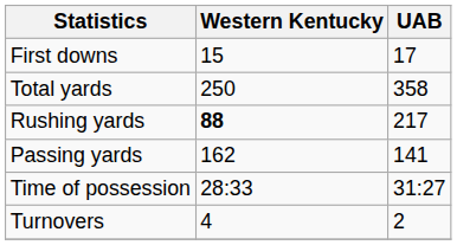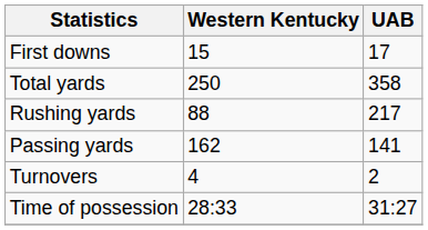 <table class="wikitable">
 <tr>
 <th>Statistics</th>
 <th>Western Kentucky</th>
 <th>UAB</th>
 </tr>
 <tr>
 <td>First downs</td>
 <td>15</td>
 <td>17</td>
 </tr>
 <tr>
 <td>Total yards</td>
 <td>250</td>
 <td>358</td>
 </tr>
 <tr>
 <td>Rushing yards</td>
-<td><strong>88</strong></td>
+<td>88</td>
 <td>217</td>
 </tr>
 <tr>
 <td>Passing yards</td>
 <td>162</td>
 <td>141</td>
 </tr>
 <tr>
+<td>Turnovers</td>
+<td>4</td>
+<td>2</td>
+</tr>
+<tr>
 <td>Time of possession</td>
 <td>28:33</td>
 <td>31:27</td>
 </tr>
 <tr>
-<td>Turnovers</td>
-<td>4</td>
-<td>2</td>
-</tr>
-<tr>
 </tr>
 </table>
